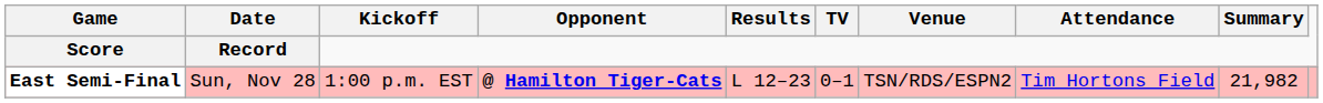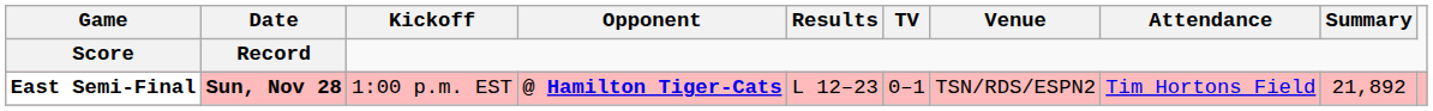 <table class="wikitable" style="font-size: 95%;">
 <tr>
 <th scope="col">Game</th>
 <th scope="col">Date</th>
 <th scope="col">Kickoff</th>
 <th scope="col">Opponent</th>
 <th scope="col">Results</th>
 <th scope="col">TV</th>
 <th scope="col">Venue</th>
 <th scope="col">Attendance</th>
 <th scope="col">Summary</th>
 </tr>
 <tr>
 <th scope="col">Score</th>
 <th scope="col">Record</th>
 </tr>
 <tr algin="center" bgcolor="#ffbbbb">
 <th style="text-align:center; background:white;"><span>East Semi-Final</span></th>
-<td align="center">Sun, Nov 28</td>
+<td align="center"><strong>Sun, Nov 28</strong></td>
 <td align="center">1:00 p.m. EST</td>
 <td align="center"><strong>@ <a href='#'>Hamilton Tiger-Cats</a></strong></td>
 <td align="center">L 12–23</td>
 <td align="center">0–1</td>
 <td align="center">TSN/RDS/ESPN2</td>
 <td align="center"><a href='#'>Tim Hortons Field</a></td>
-<td align="center">21,982</td>
+<td align="center">21,892</td>
 <td align="center"></td>
 </tr>
 </table>
